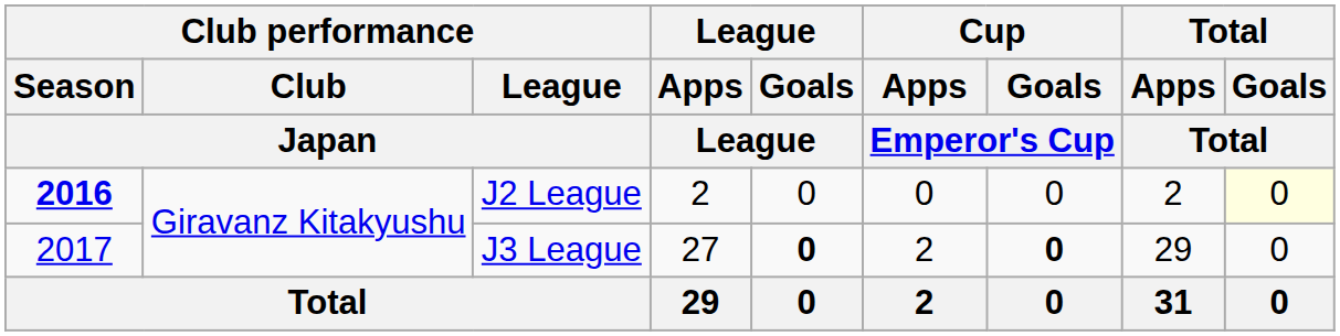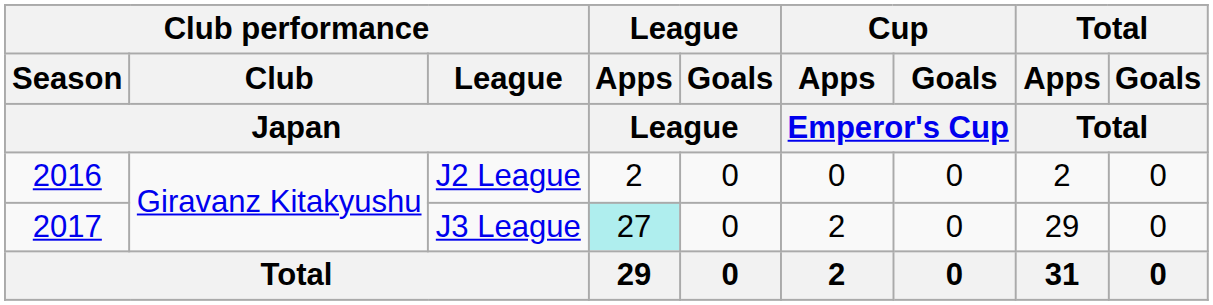 <table class="wikitable" style="text-align:center;">
 <tr>
 <th colspan=3>Club performance</th>
 <th colspan=2>League</th>
 <th colspan=2>Cup</th>
 <th colspan=2>Total</th>
 </tr>
 <tr>
 <th>Season</th>
 <th>Club</th>
 <th>League</th>
 <th>Apps</th>
 <th>Goals</th>
 <th>Apps</th>
 <th>Goals</th>
 <th>Apps</th>
 <th>Goals</th>
 </tr>
 <tr>
 <th colspan=3>Japan</th>
 <th colspan=2>League</th>
 <th colspan=2><a href='#'>Emperor's Cup</a></th>
 <th colspan=2>Total</th>
 </tr>
 <tr>
-<td><strong><a href='#'>2016</a></strong></td>
+<td><a href='#'>2016</a></td>
 <td rowspan="2"><a href='#'>Giravanz Kitakyushu</a></td>
 <td><a href='#'>J2 League</a></td>
 <td>2</td>
 <td>0</td>
 <td>0</td>
 <td>0</td>
 <td>2</td>
-<td style="background: lightyellow;">0</td>
+<td>0</td>
 </tr>
 <tr>
 <td><a href='#'>2017</a></td>
 <td rowspan="1"><a href='#'>J3 League</a></td>
-<td>27</td>
-<td><strong>0</strong></td>
+<td style="background: paleturquoise;">27</td>
+<td>0</td>
 <td>2</td>
-<td><strong>0</strong></td>
+<td>0</td>
 <td>29</td>
 <td>0</td>
 </tr>
 <tr>
 <th colspan=3>Total</th>
 <th>29</th>
 <th>0</th>
 <th>2</th>
 <th>0</th>
 <th>31</th>
 <th>0</th>
 </tr>
 </table>
